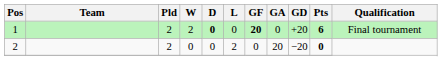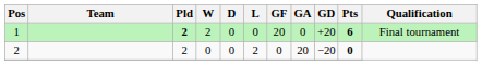 <table class="wikitable" border="1" style="text-align: center;">
 <tr>
 <th width="25"><abbr>Pos</abbr></th>
 <th width="190">Team</th>
 <th width="25"><abbr>Pld</abbr></th>
 <th width="25"><abbr>W</abbr></th>
 <th width="25"><abbr>D</abbr></th>
 <th width="25"><abbr>L</abbr></th>
 <th width="25"><abbr>GF</abbr></th>
 <th width="25"><abbr>GA</abbr></th>
 <th width="25"><abbr>GD</abbr></th>
 <th width="25"><abbr>Pts</abbr></th>
 <th width="150">Qualification</th>
 </tr>
 <tr bgcolor = #BBF3BB>
 <td>1</td>
 <td align="left"></td>
+<td><strong>2</strong></td>
 <td>2</td>
-<td>2</td>
-<td><strong>0</strong></td>
 <td>0</td>
-<td><strong>20</strong></td>
+<td>0</td>
+<td>20</td>
 <td>0</td>
 <td>+20</td>
 <td><strong>6</strong></td>
 <td>Final tournament</td>
 </tr>
 <tr>
 <td>2</td>
 <td align="left"></td>
 <td>2</td>
 <td>0</td>
 <td>0</td>
 <td>2</td>
 <td>0</td>
 <td>20</td>
 <td>−20</td>
 <td><strong>0</strong></td>
 </tr>
 <tr>
 </tr>
 </table>
